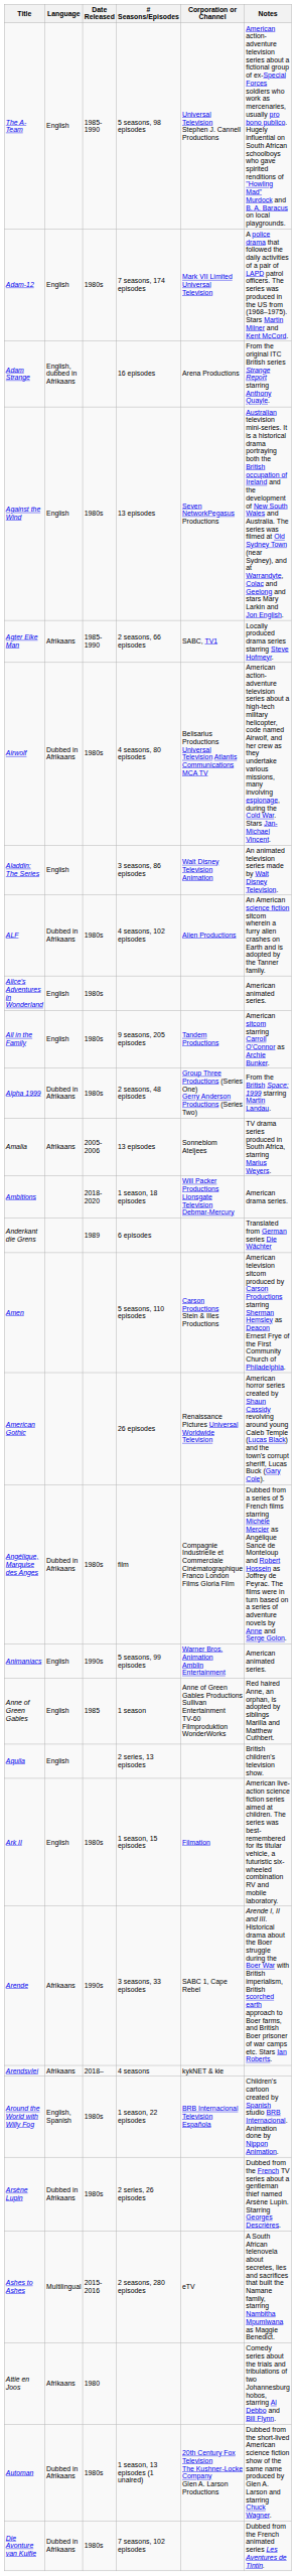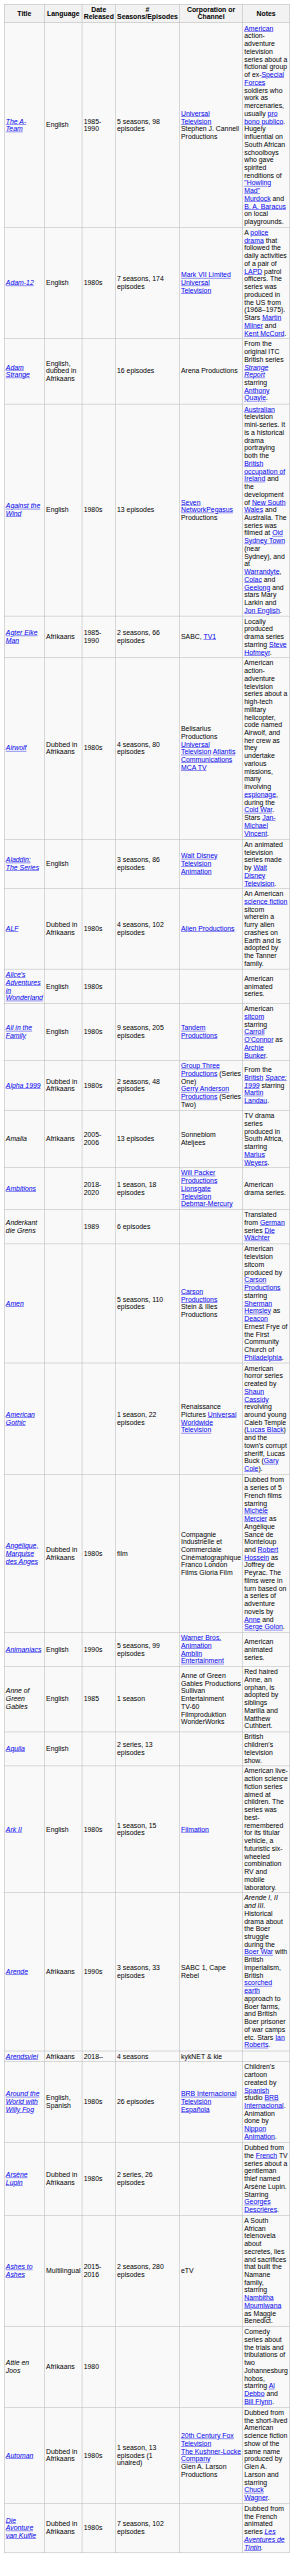 <table class="wikitable sortable">
 <tr>
 <th>Title</th>
 <th>Language</th>
 <th>Date Released</th>
 <th># Seasons/Episodes</th>
 <th>Corporation or Channel</th>
 <th>Notes</th>
 </tr>
 <tr>
 <td><em><a href='#'>The A-Team</a></em></td>
 <td>English</td>
 <td>1985-1990</td>
 <td>5 seasons, 98 episodes</td>
 <td><a href='#'>Universal Television</a><br>Stephen J. Cannell Productions</td>
 <td><a href='#'>American</a> action-adventure television series about a fictional group of ex-<a href='#'>Special Forces</a> soldiers who work as mercenaries, usually <a href='#'>pro bono publico</a>. Hugely influential on South African schoolboys who gave spirited renditions of <a href='#'>"Howling Mad" Murdock</a> and <a href='#'>B. A. Baracus</a> on local playgrounds.</td>
 </tr>
 <tr>
 <td><em><a href='#'>Adam-12</a></em></td>
 <td>English</td>
 <td>1980s</td>
 <td>7 seasons, 174 episodes</td>
 <td><a href='#'>Mark VII Limited</a> <a href='#'>Universal Television</a></td>
 <td>A <a href='#'>police drama</a> that followed the daily activities of a pair of <a href='#'>LAPD</a> patrol officers. The series was produced in the US from (1968–1975). Stars <a href='#'>Martin Milner</a> and <a href='#'>Kent McCord</a>.</td>
 </tr>
 <tr>
 <td><em><a href='#'>Adam Strange</a></em></td>
 <td>English, dubbed in Afrikaans</td>
 <td></td>
 <td>16 episodes</td>
 <td>Arena Productions</td>
 <td>From the original ITC British series <em><a href='#'>Strange Report</a></em> starring <a href='#'>Anthony Quayle</a>.</td>
 </tr>
 <tr>
 <td><em><a href='#'>Against the Wind</a></em></td>
 <td>English</td>
 <td>1980s</td>
 <td>13 episodes</td>
 <td><a href='#'>Seven NetworkPegasus</a> Productions</td>
 <td><a href='#'>Australian</a> television mini-series. It is a historical drama portraying both the <a href='#'>British occupation of Ireland</a> and the development of <a href='#'>New South Wales</a> and Australia. The series was filmed at <a href='#'>Old Sydney Town</a> (near Sydney), and at <a href='#'>Warrandyte</a>, <a href='#'>Colac</a> and <a href='#'>Geelong</a> and stars Mary Larkin and <a href='#'>Jon English</a>.</td>
 </tr>
 <tr>
 <td><em><a href='#'>Agter Elke Man</a></em></td>
 <td>Afrikaans</td>
 <td>1985-1990</td>
 <td>2 seasons, 66 episodes</td>
 <td>SABC, <a href='#'>TV1</a></td>
 <td>Locally produced drama series starring <a href='#'>Steve Hofmeyr</a>.</td>
 </tr>
 <tr>
 <td><em><a href='#'>Airwolf</a></em></td>
 <td>Dubbed in Afrikaans</td>
 <td>1980s</td>
 <td>4 seasons, 80 episodes</td>
 <td>Belisarius Productions<br><a href='#'>Universal Television</a> <a href='#'>Atlantis Communications</a> <a href='#'>MCA TV</a></td>
 <td>American action-adventure television series about a high-tech military helicopter, code named Airwolf, and her crew as they undertake various missions, many involving <a href='#'>espionage</a>, during the <a href='#'>Cold War</a>. Stars <a href='#'>Jan-Michael Vincent</a>.</td>
 </tr>
 <tr>
 <td><em><a href='#'>Aladdin: The Series</a></em></td>
 <td>English</td>
 <td></td>
 <td>3 seasons, 86 episodes</td>
 <td><a href='#'>Walt Disney Television Animation</a></td>
 <td>An animated television series made by <a href='#'>Walt Disney Television</a>.</td>
 </tr>
 <tr>
 <td><em><a href='#'>ALF</a></em></td>
 <td>Dubbed in Afrikaans</td>
 <td>1980s</td>
 <td>4 seasons, 102 episodes</td>
 <td><a href='#'>Alien Productions</a></td>
 <td>An American <a href='#'>science fiction</a> sitcom wherein a furry alien crashes on Earth and is adopted by the Tanner family.</td>
 </tr>
 <tr>
 <td><em><a href='#'>Alice's Adventures in Wonderland</a></em></td>
 <td>English</td>
 <td>1980s</td>
 <td></td>
 <td></td>
 <td>American animated series.</td>
 </tr>
 <tr>
 <td><em><a href='#'>All in the Family</a></em></td>
 <td>English</td>
 <td>1980s</td>
 <td>9 seasons, 205 episodes</td>
 <td><a href='#'>Tandem Productions</a></td>
 <td>American <a href='#'>sitcom</a> starring <a href='#'>Carroll O'Connor</a> as <a href='#'>Archie Bunker</a>.</td>
 </tr>
 <tr>
 <td><em><a href='#'>Alpha 1999</a></em></td>
 <td>Dubbed in Afrikaans</td>
 <td>1980s</td>
 <td>2 seasons, 48 episodes</td>
 <td><a href='#'>Group Three Productions</a> (Series One)<br><a href='#'>Gerry Anderson Productions</a> (Series Two)</td>
 <td>From the <a href='#'>British</a> <em><a href='#'>Space: 1999</a></em> starring <a href='#'>Martin Landau</a>.</td>
 </tr>
 <tr>
 <td><em>Amalia</em></td>
 <td>Afrikaans</td>
 <td>2005-2006</td>
 <td>13 episodes</td>
 <td>Sonneblom Ateljees</td>
 <td>TV drama series produced in South Africa, starring <a href='#'>Marius Weyers</a>.</td>
 </tr>
 <tr>
 <td><em><a href='#'>Ambitions</a></em></td>
 <td></td>
 <td>2018-2020</td>
 <td>1 season, 18 episodes</td>
 <td><a href='#'>Will Packer Productions</a><br><a href='#'>Lionsgate Television</a><br><a href='#'>Debmar-Mercury</a></td>
 <td>American drama series.</td>
 </tr>
 <tr>
 <td><em>Anderkant die Grens</em></td>
 <td></td>
 <td>1989</td>
 <td>6 episodes</td>
 <td></td>
 <td>Translated from <a href='#'>German</a> series <a href='#'>Die Wächter</a></td>
 </tr>
 <tr>
 <td><em><a href='#'>Amen</a></em></td>
 <td></td>
 <td></td>
 <td>5 seasons, 110 episodes</td>
 <td><a href='#'>Carson Productions</a><br>Stein & Illes Productions</td>
 <td>American television sitcom produced by <a href='#'>Carson Productions</a> starring <a href='#'>Sherman Hemsley</a> as <a href='#'>Deacon</a> Ernest Frye of the First Community Church of <a href='#'>Philadelphia</a>.</td>
 </tr>
 <tr>
 <td><em><a href='#'>American Gothic</a></em></td>
 <td></td>
 <td></td>
-<td>26 episodes</td>
+<td>1 season, 22 episodes</td>
 <td>Renaissance Pictures <a href='#'>Universal Worldwide Television</a></td>
 <td>American horror series created by <a href='#'>Shaun Cassidy</a> revolving around young Caleb Temple (<a href='#'>Lucas Black</a>) and the town's corrupt sheriff, Lucas Buck (<a href='#'>Gary Cole</a>).</td>
 </tr>
 <tr>
 <td><em><a href='#'>Angélique, Marquise des Anges</a></em></td>
 <td>Dubbed in Afrikaans</td>
 <td>1980s</td>
 <td>film</td>
 <td>Compagnie Industrielle et Commerciale Cinématographique<br>Franco London Films Gloria Film</td>
 <td>Dubbed from a series of 5 French films starring <a href='#'>Michèle Mercier</a> as Angélique Sancé de Monteloup and <a href='#'>Robert Hossein</a> as Joffrey de Peyrac. The films were in turn based on a series of adventure novels by <a href='#'>Anne</a> and <a href='#'>Serge Golon</a>.</td>
 </tr>
 <tr>
 <td><em><a href='#'>Animaniacs</a></em></td>
 <td>English</td>
 <td>1990s</td>
 <td>5 seasons, 99 episodes</td>
 <td><a href='#'>Warner Bros. Animation</a><br><a href='#'>Amblin Entertainment</a></td>
 <td>American animated series.</td>
 </tr>
 <tr>
 <td><em>Anne of Green Gables</em></td>
 <td>English</td>
 <td>1985</td>
 <td>1 season</td>
 <td>Anne of Green Gables Productions<br>Sullivan Entertainment<br>TV-60 Filmproduktion<br>WonderWorks</td>
 <td>Red haired Anne, an orphan, is adopted by siblings Marilla and Matthew Cuthbert.</td>
 </tr>
 <tr>
 <td><em><a href='#'>Aquila</a></em></td>
 <td>English</td>
 <td></td>
 <td>2 series, 13 episodes</td>
 <td></td>
 <td>British children's television show.</td>
 </tr>
 <tr>
 <td><em><a href='#'>Ark II</a></em></td>
 <td>English</td>
 <td>1980s</td>
 <td>1 season, 15 episodes</td>
 <td><a href='#'>Filmation</a></td>
 <td>American live-action science fiction series aimed at children. The series was best-remembered for its titular vehicle, a futuristic six-wheeled combination RV and mobile laboratory.</td>
 </tr>
 <tr>
 <td><em><a href='#'>Arende</a></em></td>
 <td>Afrikaans</td>
 <td>1990s</td>
 <td>3 seasons, 33 episodes</td>
 <td>SABC 1, Cape Rebel</td>
 <td><em>Arende I, II and III</em>. Historical drama about the Boer struggle during the <a href='#'>Boer War</a> with British imperialism, British <a href='#'>scorched earth</a> approach to Boer farms, and British Boer prisoner of war camps etc. Stars <a href='#'>Ian Roberts</a>.</td>
 </tr>
 <tr>
 <td><em><a href='#'>Arendsvlei</a></em></td>
 <td>Afrikaans</td>
 <td>2018–</td>
 <td>4 seasons</td>
 <td>kykNET & kie</td>
 <td></td>
 </tr>
 <tr>
 <td><em><a href='#'>Around the World with Willy Fog</a></em></td>
 <td>English, Spanish</td>
 <td>1980s</td>
-<td>1 season, 22 episodes</td>
+<td>26 episodes</td>
 <td><a href='#'>BRB Internacional</a> <a href='#'>Televisión Española</a></td>
 <td>Children's cartoon created by <a href='#'>Spanish</a> studio <a href='#'>BRB Internacional</a>. Animation done by <a href='#'>Nippon Animation</a>.</td>
 </tr>
 <tr>
 <td><em><a href='#'>Arsène Lupin</a></em></td>
 <td>Dubbed in Afrikaans</td>
 <td>1980s</td>
 <td>2 series, 26 episodes</td>
 <td></td>
 <td>Dubbed from the <a href='#'>French</a> TV series about a gentleman thief named Arsène Lupin. Starring <a href='#'>Georges Descrières</a>.</td>
 </tr>
 <tr>
 <td><em><a href='#'>Ashes to Ashes</a></em></td>
 <td>Multilingual</td>
 <td>2015-2016</td>
 <td>2 seasons, 280 episodes</td>
 <td>eTV</td>
 <td>A South African telenovela about secretes, lies and sacrifices that built the Namane family, starring <a href='#'>Nambitha Mpumlwana</a> as Maggie Benedict.</td>
 </tr>
 <tr>
 <td><em>Attie en Joos</em></td>
 <td>Afrikaans</td>
 <td>1980</td>
 <td></td>
 <td></td>
 <td>Comedy series about the trials and tribulations of two Johannesburg hobos, starring <a href='#'>Al Debbo</a> and <a href='#'>Bill Flynn</a>.</td>
 </tr>
 <tr>
 <td><em><a href='#'>Automan</a></em></td>
 <td>Dubbed in Afrikaans</td>
 <td>1980s</td>
 <td>1 season, 13 episodes (1 unaired)</td>
 <td><a href='#'>20th Century Fox Television</a><br><a href='#'>The Kushner-Locke Company</a><br>Glen A. Larson Productions</td>
 <td>Dubbed from the short-lived American science fiction show of the same name produced by Glen A. Larson and starring <a href='#'>Chuck Wagner</a>.</td>
 </tr>
 <tr>
 <td><em><a href='#'>Die Avonture van Kuifie</a></em></td>
 <td>Dubbed in Afrikaans</td>
 <td>1980s</td>
 <td>7 seasons, 102 episodes</td>
 <td></td>
 <td>Dubbed from the French animated series <em><a href='#'>Les Aventures de Tintin</a>.</em></td>
 </tr>
 </table>
